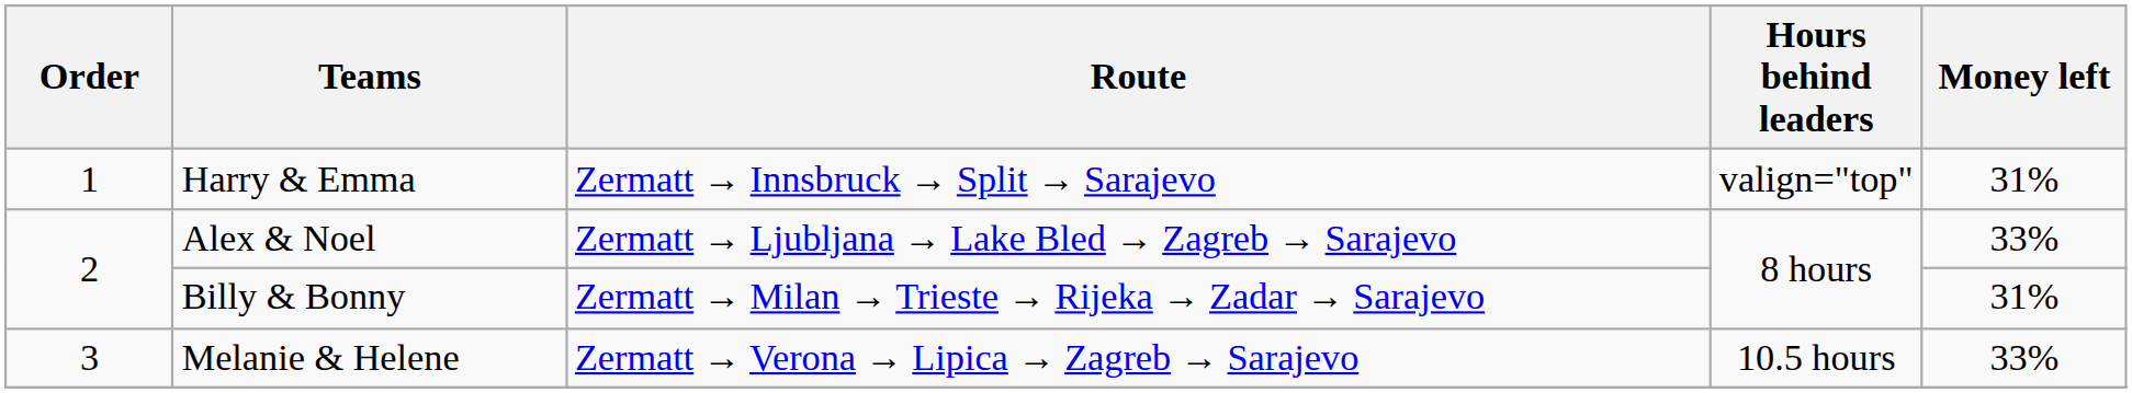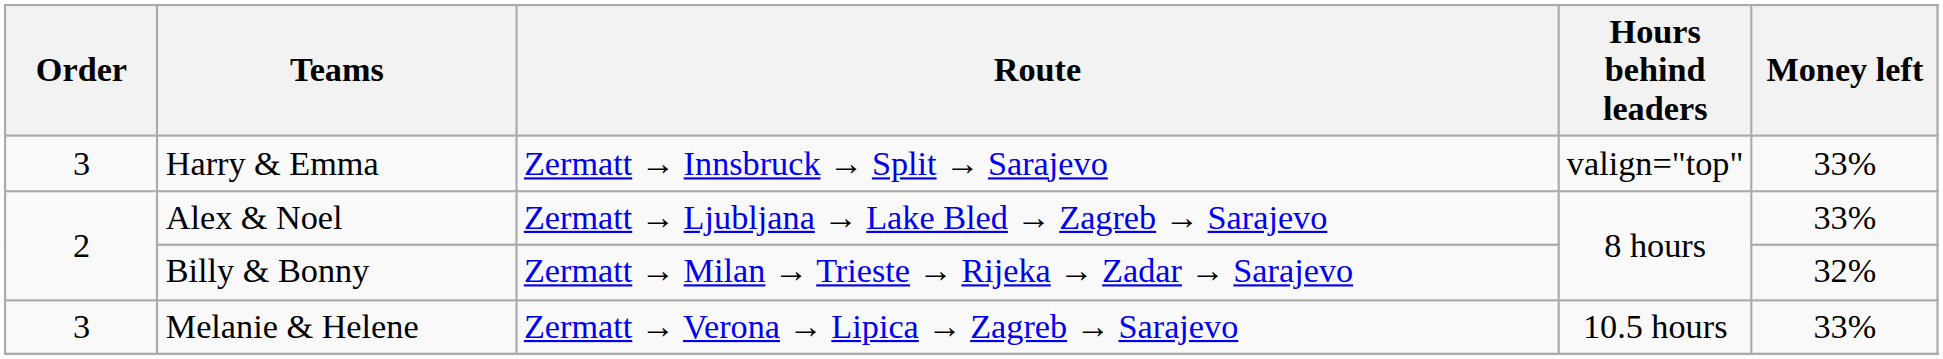 <table class="wikitable sortable" style="text-align:center">
 <tr>
 <th style="width:4em">Order</th>
 <th style="width:10em">Teams</th>
 <th style="width:30em">Route</th>
 <th style="width:5em">Hours behind leaders</th>
 <th style="width:5em">Money left</th>
 </tr>
 <tr>
-<td>1</td>
+<td>3</td>
 <td style="text-align:left">Harry & Emma</td>
 <td style="text-align:left"><a href='#'>Zermatt</a>  → <a href='#'>Innsbruck</a>   → <a href='#'>Split</a>   → <a href='#'>Sarajevo</a></td>
 <td>valign="top" </td>
-<td>31%</td>
+<td>33%</td>
 </tr>
 <tr>
 <td rowspan="2">2</td>
 <td style="text-align:left">Alex & Noel</td>
 <td style="text-align:left"><a href='#'>Zermatt</a>  → <a href='#'>Ljubljana</a>  → <a href='#'>Lake Bled</a>    → <a href='#'>Zagreb</a>  → <a href='#'>Sarajevo</a></td>
 <td rowspan="2">8 hours</td>
 <td>33%</td>
 </tr>
 <tr>
 <td style="text-align:left">Billy & Bonny</td>
 <td style="text-align:left"><a href='#'>Zermatt</a>  → <a href='#'>Milan</a>  → <a href='#'>Trieste</a>   → <a href='#'>Rijeka</a>  → <a href='#'>Zadar</a>  → <a href='#'>Sarajevo</a></td>
-<td>31%</td>
+<td>32%</td>
 </tr>
 <tr>
 <td>3</td>
 <td style="text-align:left">Melanie & Helene</td>
 <td style="text-align:left"><a href='#'>Zermatt</a>  → <a href='#'>Verona</a>    → <a href='#'>Lipica</a>   → <a href='#'>Zagreb</a>  → <a href='#'>Sarajevo</a></td>
 <td>10.5 hours</td>
 <td>33%</td>
 </tr>
 <tr>
 </tr>
 </table>
